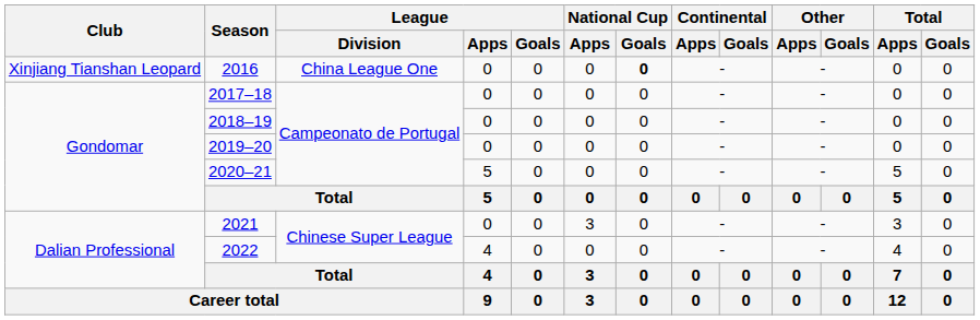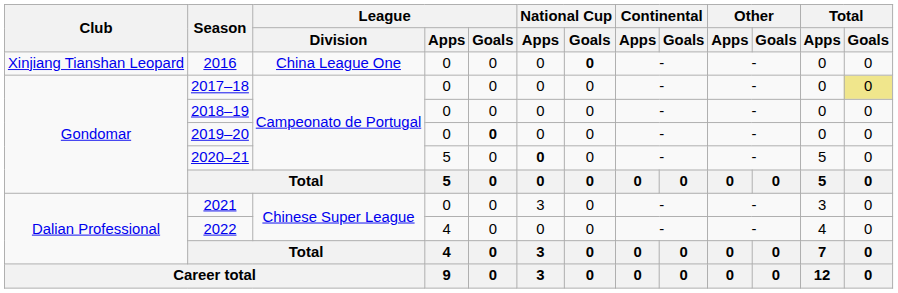 <table class="wikitable" style="text-align: center">
 <tr>
 <th rowspan="2">Club</th>
 <th rowspan="2">Season</th>
 <th colspan="3">League</th>
 <th colspan="2">National Cup</th>
 <th colspan="2">Continental</th>
 <th colspan="2">Other</th>
 <th colspan="2">Total</th>
 </tr>
 <tr>
 <th>Division</th>
 <th>Apps</th>
 <th>Goals</th>
 <th>Apps</th>
 <th>Goals</th>
 <th>Apps</th>
 <th>Goals</th>
 <th>Apps</th>
 <th>Goals</th>
 <th>Apps</th>
 <th>Goals</th>
 </tr>
 <tr>
 <td><a href='#'>Xinjiang Tianshan Leopard</a></td>
 <td><a href='#'>2016</a></td>
 <td><a href='#'>China League One</a></td>
 <td>0</td>
 <td>0</td>
 <td>0</td>
 <td><strong>0</strong></td>
 <td colspan="2">-</td>
 <td colspan="2">-</td>
 <td>0</td>
 <td>0</td>
 </tr>
 <tr>
 <td rowspan=5><a href='#'>Gondomar</a></td>
 <td><a href='#'>2017–18</a></td>
 <td rowspan=4><a href='#'>Campeonato de Portugal</a></td>
 <td>0</td>
 <td>0</td>
 <td>0</td>
 <td>0</td>
 <td colspan="2">-</td>
 <td colspan="2">-</td>
 <td>0</td>
-<td>0</td>
+<td style="background: khaki;">0</td>
 </tr>
 <tr>
 <td><a href='#'>2018–19</a></td>
 <td>0</td>
 <td>0</td>
 <td>0</td>
 <td>0</td>
 <td colspan="2">-</td>
 <td colspan="2">-</td>
 <td>0</td>
 <td>0</td>
 </tr>
 <tr>
 <td><a href='#'>2019–20</a></td>
 <td>0</td>
-<td>0</td>
+<td><strong>0</strong></td>
 <td>0</td>
 <td>0</td>
 <td colspan="2">-</td>
 <td colspan="2">-</td>
 <td>0</td>
 <td>0</td>
 </tr>
 <tr>
 <td><a href='#'>2020–21</a></td>
 <td>5</td>
 <td>0</td>
-<td>0</td>
+<td><strong>0</strong></td>
 <td>0</td>
 <td colspan="2">-</td>
 <td colspan="2">-</td>
 <td>5</td>
 <td>0</td>
 </tr>
 <tr>
 <th colspan="2">Total</th>
 <th>5</th>
 <th>0</th>
 <th>0</th>
 <th>0</th>
 <th>0</th>
 <th>0</th>
 <th>0</th>
 <th>0</th>
 <th>5</th>
 <th>0</th>
 </tr>
 <tr>
 <td rowspan=3><a href='#'>Dalian Professional</a></td>
 <td><a href='#'>2021</a></td>
 <td rowspan=2><a href='#'>Chinese Super League</a></td>
 <td>0</td>
 <td>0</td>
 <td>3</td>
 <td>0</td>
 <td colspan="2">-</td>
 <td colspan="2">-</td>
 <td>3</td>
 <td>0</td>
 </tr>
 <tr>
 <td><a href='#'>2022</a></td>
 <td>4</td>
 <td>0</td>
 <td>0</td>
 <td>0</td>
 <td colspan="2">-</td>
 <td colspan="2">-</td>
 <td>4</td>
 <td>0</td>
 </tr>
 <tr>
 <th colspan="2">Total</th>
 <th>4</th>
 <th>0</th>
 <th>3</th>
 <th>0</th>
 <th>0</th>
 <th>0</th>
 <th>0</th>
 <th>0</th>
 <th>7</th>
 <th>0</th>
 </tr>
 <tr>
 <th colspan=3>Career total</th>
 <th>9</th>
 <th>0</th>
 <th>3</th>
 <th>0</th>
 <th>0</th>
 <th>0</th>
 <th>0</th>
 <th>0</th>
 <th>12</th>
 <th>0</th>
 </tr>
 </table>
